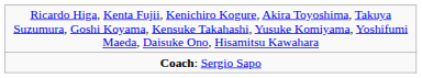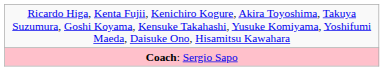 <table class="wikitable" style="text-align:center; width:33em; margin:0.5em auto;">
 <tr>
 <td><a href='#'>Ricardo Higa</a>, <a href='#'>Kenta Fujii</a>, <a href='#'>Kenichiro Kogure</a>, <a href='#'>Akira Toyoshima</a>, <a href='#'>Takuya Suzumura</a>, <a href='#'>Goshi Koyama</a>, <a href='#'>Kensuke Takahashi</a>, <a href='#'>Yusuke Komiyama</a>, <a href='#'>Yoshifumi Maeda</a>, <a href='#'>Daisuke Ono</a>, <a href='#'>Hisamitsu Kawahara</a></td>
 </tr>
 <tr>
-<td><strong>Coach</strong>:  <a href='#'>Sergio Sapo</a></td>
+<td style="background: pink;"><strong>Coach</strong>:  <a href='#'>Sergio Sapo</a></td>
 </tr>
 </table>
